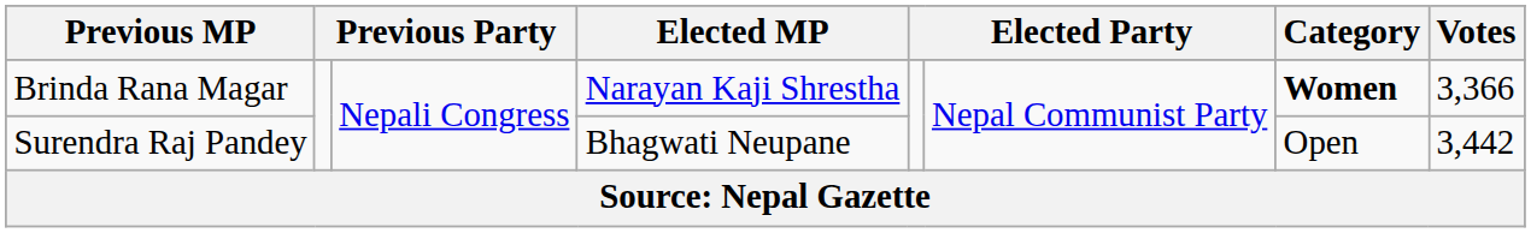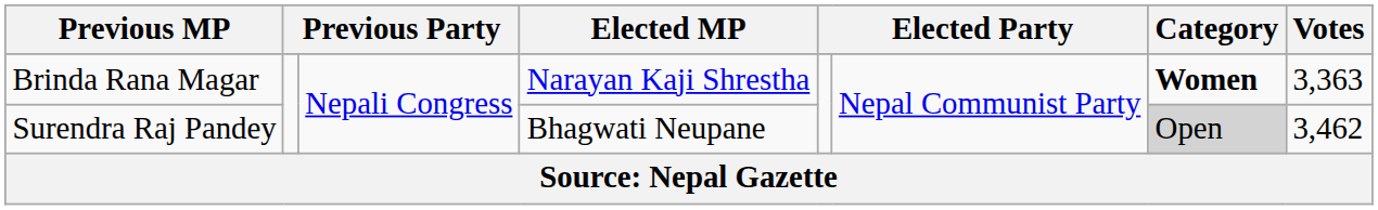 <table class="wikitable">
 <tr>
 <th>Previous MP</th>
 <th colspan="2">Previous Party</th>
 <th>Elected MP</th>
 <th colspan="2">Elected Party</th>
 <th>Category</th>
 <th>Votes</th>
 </tr>
 <tr>
 <td>Brinda Rana Magar</td>
 <td rowspan="2"></td>
 <td rowspan="2"><a href='#'>Nepali Congress</a></td>
 <td><a href='#'>Narayan Kaji Shrestha</a></td>
 <td rowspan="2"></td>
 <td rowspan="2"><a href='#'>Nepal Communist Party</a></td>
 <td><strong>Women</strong></td>
-<td>3,366</td>
+<td>3,363</td>
 </tr>
 <tr>
 <td>Surendra Raj Pandey</td>
 <td>Bhagwati Neupane</td>
-<td>Open</td>
-<td>3,442</td>
+<td style="background: lightgrey;">Open</td>
+<td>3,462</td>
 </tr>
 <tr>
 <th colspan="8">Source: Nepal Gazette</th>
 </tr>
 </table>
